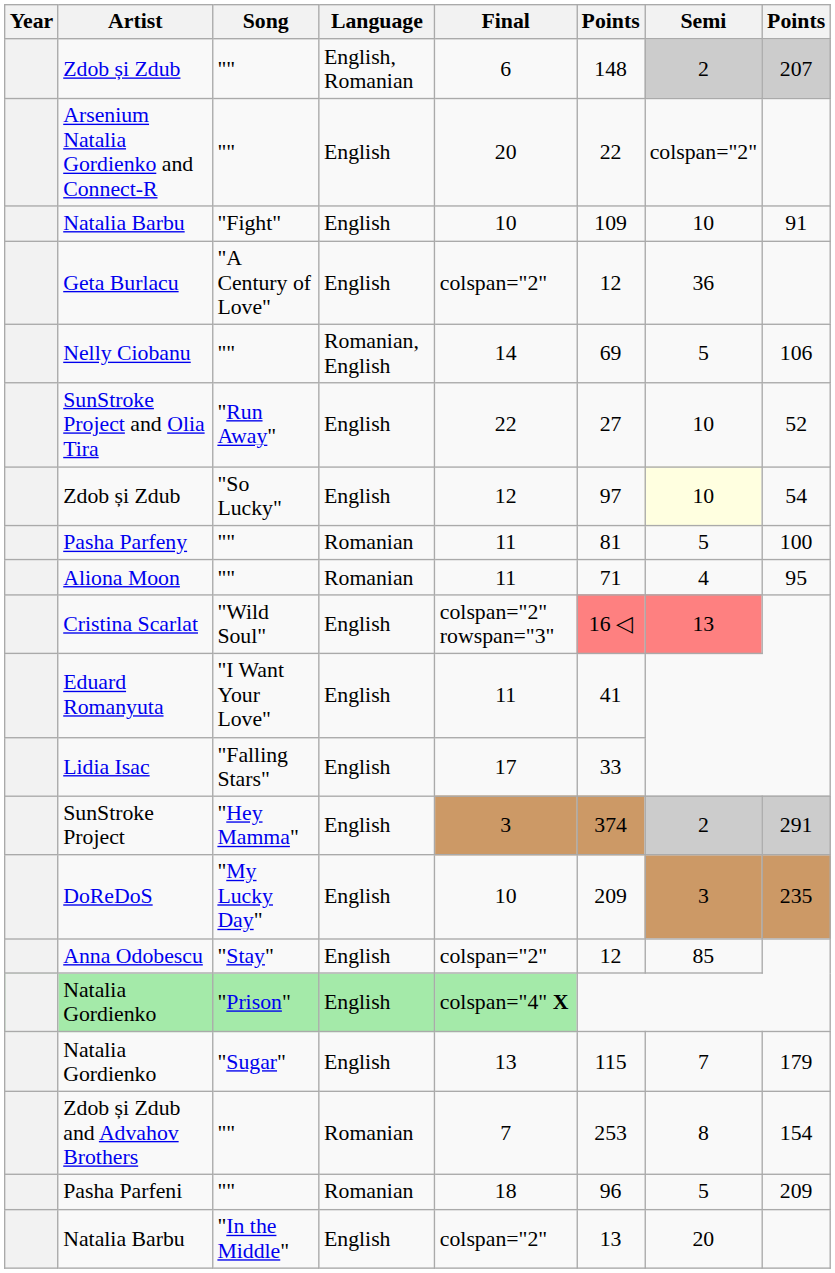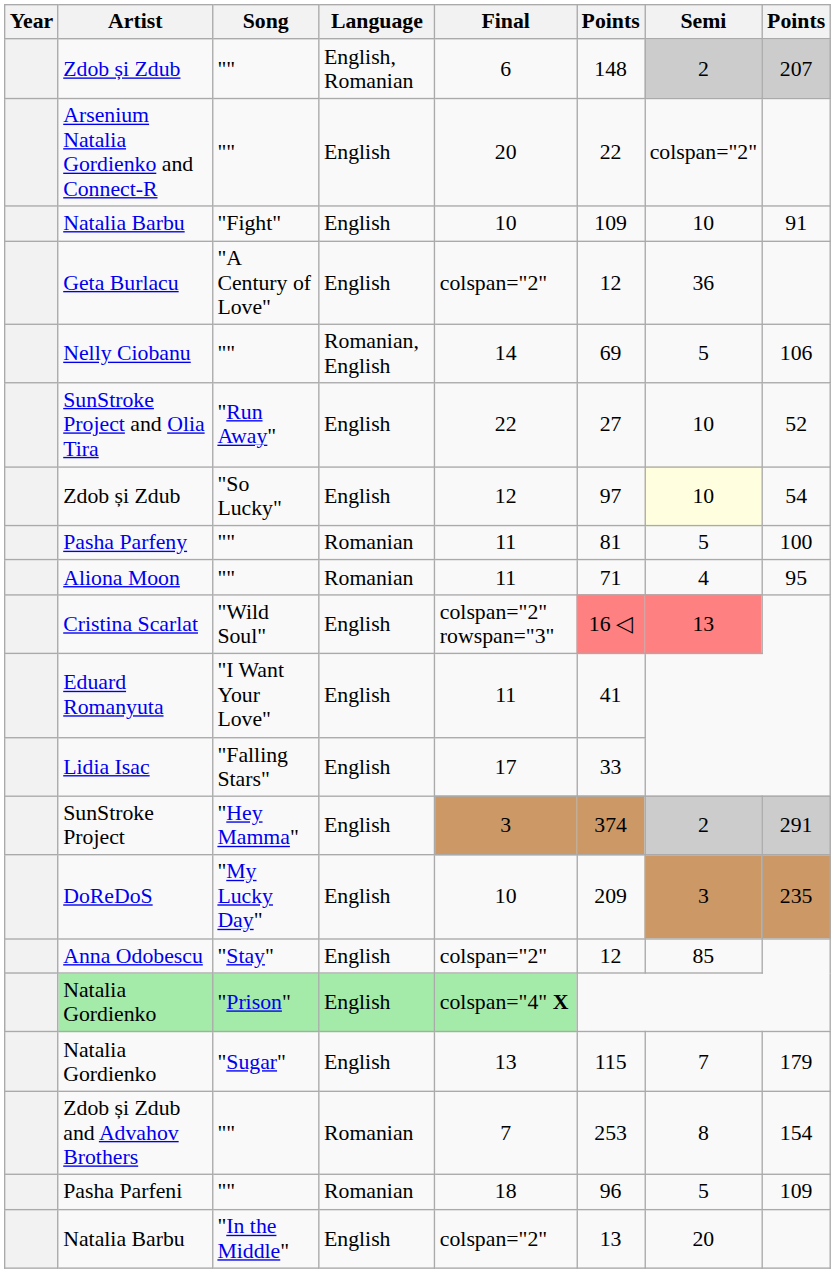 <table class="wikitable sortable plainrowheaders">
 <tr>
 <th scope="col">Year</th>
 <th scope="col">Artist</th>
 <th scope="col">Song</th>
 <th scope="col">Language</th>
 <th scope="col" data-sort-type="number">Final</th>
 <th scope="col" data-sort-type="number">Points</th>
 <th scope="col" data-sort-type="number">Semi</th>
 <th scope="col" data-sort-type="number">Points</th>
 </tr>
 <tr>
 <th scope="row" style="text-align:center;"></th>
 <td><a href='#'>Zdob și Zdub</a></td>
 <td>""</td>
 <td>English, Romanian</td>
 <td style="text-align:center;">6</td>
 <td style="text-align:center;">148</td>
 <td style="text-align:center; background-color:#CCC;">2</td>
 <td style="text-align:center; background-color:#CCC;">207</td>
 </tr>
 <tr>
 <th scope="row" style="text-align:center;"></th>
 <td><a href='#'>Arsenium</a>  <a href='#'>Natalia Gordienko</a> and <a href='#'>Connect-R</a></td>
 <td>""</td>
 <td>English</td>
 <td style="text-align:center;">20</td>
 <td style="text-align:center;">22</td>
 <td>colspan="2" </td>
 </tr>
 <tr>
 <th scope="row" style="text-align:center;"></th>
 <td><a href='#'>Natalia Barbu</a></td>
 <td>"Fight"</td>
 <td>English</td>
 <td style="text-align:center;">10</td>
 <td style="text-align:center;">109</td>
 <td style="text-align:center;">10</td>
 <td style="text-align:center;">91</td>
 </tr>
 <tr>
 <th scope="row" style="text-align:center;"></th>
 <td><a href='#'>Geta Burlacu</a></td>
 <td>"A Century of Love"</td>
 <td>English</td>
 <td>colspan="2" </td>
 <td style="text-align:center;">12</td>
 <td style="text-align:center;">36</td>
 </tr>
 <tr>
 <th scope="row" style="text-align:center;"></th>
 <td><a href='#'>Nelly Ciobanu</a></td>
 <td>""</td>
 <td>Romanian, English</td>
 <td style="text-align:center;">14</td>
 <td style="text-align:center;">69</td>
 <td style="text-align:center;">5</td>
 <td style="text-align:center;">106</td>
 </tr>
 <tr>
 <th scope="row" style="text-align:center;"></th>
 <td><a href='#'>SunStroke Project</a> and <a href='#'>Olia Tira</a></td>
 <td>"<a href='#'>Run Away</a>"</td>
 <td>English</td>
 <td style="text-align:center;">22</td>
 <td style="text-align:center;">27</td>
 <td style="text-align:center;">10</td>
 <td style="text-align:center;">52</td>
 </tr>
 <tr>
 <th scope="row" style="text-align:center;"></th>
 <td>Zdob și Zdub</td>
 <td>"So Lucky"</td>
 <td>English</td>
 <td style="text-align:center;">12</td>
 <td style="text-align:center;">97</td>
 <td style="background: lightyellow; text-align:center;">10</td>
 <td style="text-align:center;">54</td>
 </tr>
 <tr>
 <th scope="row" style="text-align:center;"></th>
 <td><a href='#'>Pasha Parfeny</a></td>
 <td>""</td>
 <td>Romanian</td>
 <td style="text-align:center;">11</td>
 <td style="text-align:center;">81</td>
 <td style="text-align:center;">5</td>
 <td style="text-align:center;">100</td>
 </tr>
 <tr>
 <th scope="row" style="text-align:center;"></th>
 <td><a href='#'>Aliona Moon</a></td>
 <td>""</td>
 <td>Romanian</td>
 <td style="text-align:center;">11</td>
 <td style="text-align:center;">71</td>
 <td style="text-align:center;">4</td>
 <td style="text-align:center;">95</td>
 </tr>
 <tr>
 <th scope="row" style="text-align:center;"></th>
 <td><a href='#'>Cristina Scarlat</a></td>
 <td>"Wild Soul"</td>
 <td>English</td>
 <td>colspan="2" rowspan="3" </td>
 <td style="text-align:center; background-color:#FE8080;">16 ◁</td>
 <td style="text-align:center; background-color:#FE8080;">13</td>
 </tr>
 <tr>
 <th scope="row" style="text-align:center;"></th>
 <td><a href='#'>Eduard Romanyuta</a></td>
 <td>"I Want Your Love"</td>
 <td>English</td>
 <td style="text-align:center;">11</td>
 <td style="text-align:center;">41</td>
 </tr>
 <tr>
 <th scope="row" style="text-align:center;"></th>
 <td><a href='#'>Lidia Isac</a></td>
 <td>"Falling Stars"</td>
 <td>English</td>
 <td style="text-align:center;">17</td>
 <td style="text-align:center;">33</td>
 </tr>
 <tr>
 <th scope="row" style="text-align:center;"></th>
 <td>SunStroke Project</td>
 <td>"<a href='#'>Hey Mamma</a>"</td>
 <td>English</td>
 <td style="text-align:center; background-color:#C96;">3</td>
 <td style="text-align:center; background-color:#C96;">374</td>
 <td style="text-align:center; background-color:#CCC;">2</td>
 <td style="text-align:center; background-color:#CCC;">291</td>
 </tr>
 <tr>
 <th scope="row" style="text-align:center;"></th>
 <td><a href='#'>DoReDoS</a></td>
 <td>"<a href='#'>My Lucky Day</a>"</td>
 <td>English</td>
 <td style="text-align:center;">10</td>
 <td style="text-align:center;">209</td>
 <td style="text-align:center; background-color:#C96;">3</td>
 <td style="text-align:center; background-color:#C96;">235</td>
 </tr>
 <tr>
 <th scope="row" style="text-align:center;"></th>
 <td><a href='#'>Anna Odobescu</a></td>
 <td>"<a href='#'>Stay</a>"</td>
 <td>English</td>
 <td>colspan="2" </td>
 <td style="text-align:center;">12</td>
 <td style="text-align:center;">85</td>
 </tr>
 <tr style="background-color:#A4EAA9;">
 <th scope="row" style="text-align:center;"></th>
 <td>Natalia Gordienko</td>
 <td>"<a href='#'>Prison</a>"</td>
 <td>English</td>
 <td>colspan="4"  <strong>X</strong></td>
 </tr>
 <tr>
 <th scope="row" style="text-align:center;"></th>
 <td>Natalia Gordienko</td>
 <td>"<a href='#'>Sugar</a>"</td>
 <td>English</td>
 <td style="text-align:center;">13</td>
 <td style="text-align:center;">115</td>
 <td style="text-align:center;">7</td>
 <td style="text-align:center;">179</td>
 </tr>
 <tr>
 <th scope="row" style="text-align:center;"></th>
 <td>Zdob și Zdub and <a href='#'>Advahov Brothers</a></td>
 <td>""</td>
 <td>Romanian</td>
 <td style="text-align:center;">7</td>
 <td style="text-align:center;">253</td>
 <td style="text-align:center;">8</td>
 <td style="text-align:center;">154</td>
 </tr>
 <tr>
 <th scope="row" style="text-align:center;"></th>
 <td>Pasha Parfeni</td>
 <td>""</td>
 <td>Romanian</td>
 <td style="text-align:center;">18</td>
 <td style="text-align:center;">96</td>
 <td style="text-align:center;">5</td>
-<td style="text-align:center;">209</td>
+<td style="text-align:center;">109</td>
 </tr>
 <tr>
 <th scope="row" style="text-align:center;"></th>
 <td>Natalia Barbu</td>
 <td>"<a href='#'>In the Middle</a>"</td>
 <td>English</td>
 <td>colspan="2" </td>
 <td style="text-align:center;">13</td>
 <td style="text-align:center;">20</td>
 </tr>
 </table>
